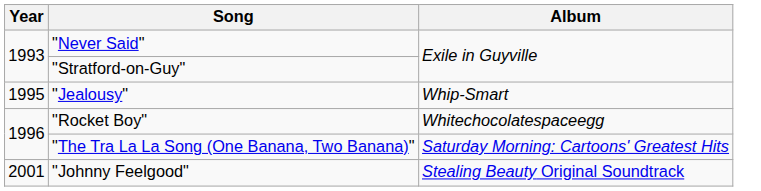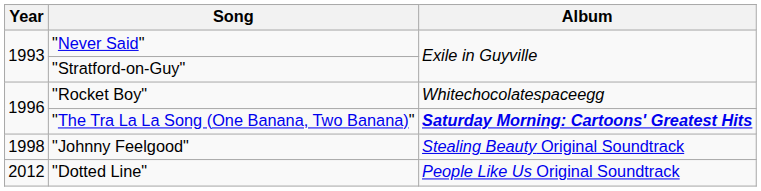 <table class="wikitable">
 <tr>
 <th style="text-align:center;">Year</th>
 <th style="text-align:center;">Song</th>
 <th style="text-align:center;">Album</th>
 </tr>
 <tr>
 <td rowspan="2">1993</td>
 <td>"<a href='#'>Never Said</a>"</td>
 <td rowspan="2"><em>Exile in Guyville</em></td>
 </tr>
 <tr>
 <td>"Stratford-on-Guy"</td>
 </tr>
 <tr>
-<td>1995</td>
-<td>"<a href='#'>Jealousy</a>"</td>
-<td><em>Whip-Smart</em></td>
-</tr>
-<tr>
 <td rowspan="2">1996</td>
 <td>"Rocket Boy"</td>
 <td><em>Whitechocolatespaceegg</em></td>
 </tr>
 <tr>
 <td>"<a href='#'>The Tra La La Song (One Banana, Two Banana)</a>"</td>
-<td><em><a href='#'>Saturday Morning: Cartoons' Greatest Hits</a></em></td>
+<td><strong><em><a href='#'>Saturday Morning: Cartoons' Greatest Hits</a></em></strong></td>
 </tr>
 <tr>
-<td>2001</td>
+<td>1998</td>
 <td>"Johnny Feelgood"</td>
 <td><a href='#'><em>Stealing Beauty</em> Original Soundtrack</a></td>
 </tr>
+<tr>
+<td>2012</td>
+<td>"Dotted Line"</td>
+<td><a href='#'><em>People Like Us</em> Original Soundtrack</a></td>
+</tr>
 </table>
